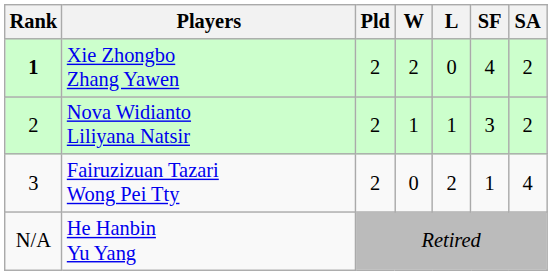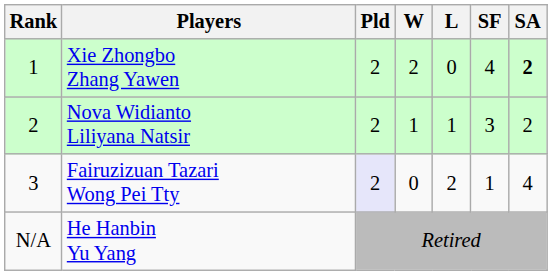 <table class="wikitable" style="font-size:90%; text-align:center">
 <tr>
 <th width="20">Rank</th>
 <th width="200">Players</th>
 <th width="20">Pld</th>
 <th width="20">W</th>
 <th width="20">L</th>
 <th width="20">SF</th>
 <th width="20">SA</th>
 </tr>
 <tr bgcolor="#ccffcc">
-<td><strong>1</strong></td>
+<td>1</td>
 <td align="left"> <a href='#'>Xie Zhongbo</a><br> <a href='#'>Zhang Yawen</a></td>
 <td>2</td>
 <td>2</td>
 <td>0</td>
 <td>4</td>
-<td>2</td>
+<td><strong>2</strong></td>
 </tr>
 <tr bgcolor="#ccffcc">
 <td>2</td>
 <td align="left"> <a href='#'>Nova Widianto</a><br> <a href='#'>Liliyana Natsir</a></td>
 <td>2</td>
 <td>1</td>
 <td>1</td>
 <td>3</td>
 <td>2</td>
 </tr>
 <tr>
 <td>3</td>
 <td align="left"> <a href='#'>Fairuzizuan Tazari</a><br> <a href='#'>Wong Pei Tty</a></td>
-<td>2</td>
+<td style="background: lavender;">2</td>
 <td>0</td>
 <td>2</td>
 <td>1</td>
 <td>4</td>
 </tr>
 <tr>
 <td>N/A</td>
 <td align="left"> <a href='#'>He Hanbin</a><br> <a href='#'>Yu Yang</a></td>
 <td bgcolor="#bbbbbb"; colspan="5"><em>Retired</em></td>
 </tr>
 </table>
